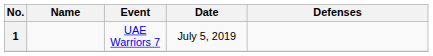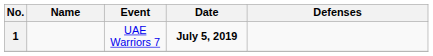 <table class="wikitable" width=100%>
 <tr>
 <th width=1%>No.</th>
 <th width=19%>Name</th>
 <th width=15%>Event</th>
 <th width=20%>Date</th>
 <th width=45%>Defenses</th>
 </tr>
 <tr>
 <th>1</th>
 <td align=left><br></td>
 <td align=center><a href='#'>UAE Warriors 7</a> <br></td>
-<td align=center>July 5, 2019</td>
+<td align=center><strong>July 5, 2019</strong></td>
 <td></td>
 </tr>
 <tr>
 </tr>
 </table>
